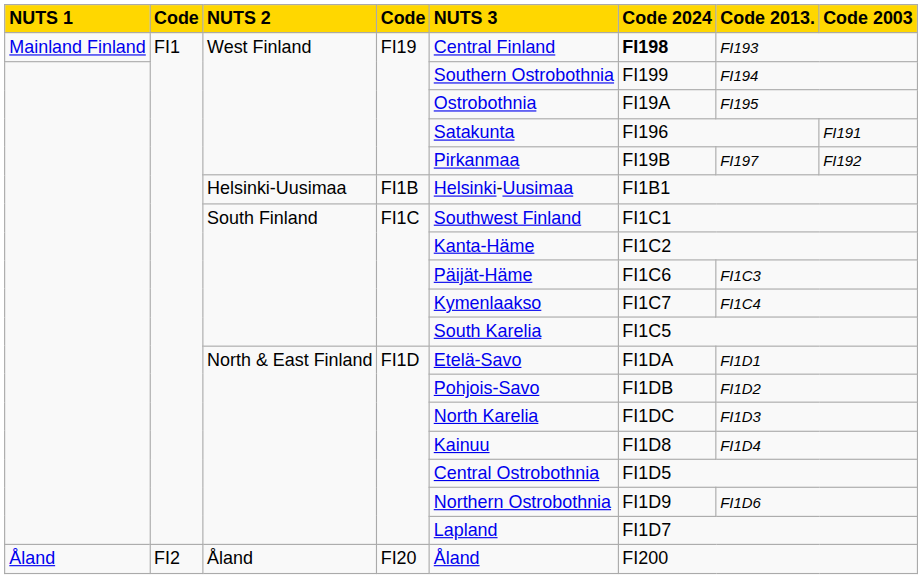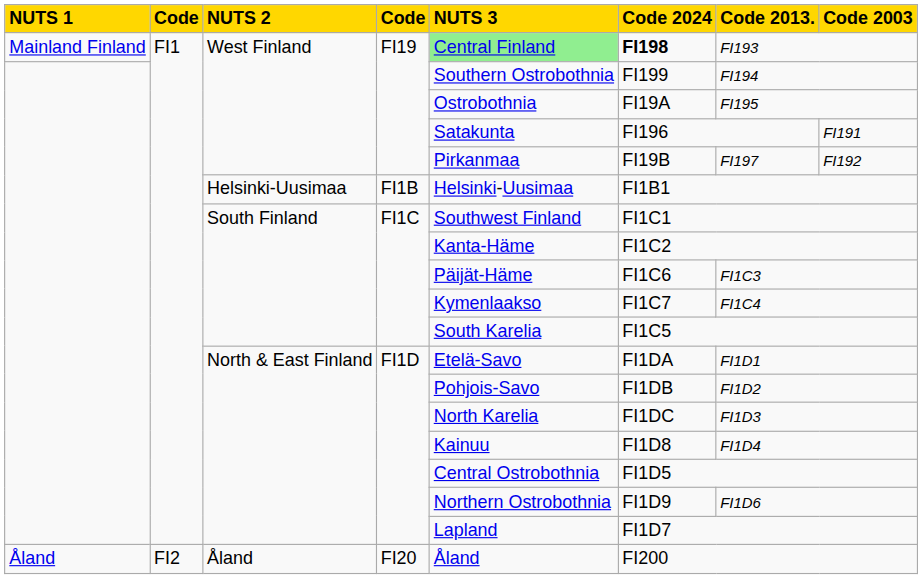 <table class="wikitable" style="margin:1em auto;">
 <tr>
 <th style="background-color:#ffd700;text-align:left;">NUTS 1</th>
 <th style="background-color:#ffd700;text-align:left;">Code</th>
 <th style="background-color:#ffd700;text-align:left;">NUTS 2</th>
 <th style="background-color:#ffd700;text-align:left;">Code</th>
 <th style="background-color:#ffd700;text-align:left;">NUTS 3</th>
 <th style="background-color:#ffd700;text-align:left;">Code 2024</th>
 <th style="background-color:#ffd700;text-align:left;">Code 2013.</th>
 <th style="background-color:#ffd700;text-align:left;">Code 2003</th>
 </tr>
 <tr valign=top>
 <td><a href='#'>Mainland Finland</a></td>
 <td rowspan=18>FI1</td>
 <td rowspan=5>West Finland</td>
 <td rowspan=5>FI19</td>
-<td><a href='#'>Central Finland</a></td>
+<td style="background: lightgreen;"><a href='#'>Central Finland</a></td>
 <td><strong>FI198</strong></td>
 <td colspan=2><em><small>FI193</small></em></td>
 </tr>
 <tr>
 <td rowspan=17></td>
 <td><a href='#'>Southern Ostrobothnia</a></td>
 <td>FI199</td>
 <td colspan=2><em><small>FI194</small></em></td>
 </tr>
 <tr>
 <td><a href='#'>Ostrobothnia</a></td>
 <td>FI19A</td>
 <td colspan=2><em><small>FI195</small></em></td>
 </tr>
 <tr>
 <td><a href='#'>Satakunta</a></td>
 <td colspan=2>FI196</td>
 <td><em><small>FI191</small></em></td>
 </tr>
 <tr>
 <td><a href='#'>Pirkanmaa</a></td>
 <td>FI19B</td>
 <td><em><small>FI197</small></em></td>
 <td><em><small>FI192</small></em></td>
 </tr>
 <tr valign=top>
 <td rowspan=1>Helsinki-Uusimaa</td>
 <td rowspan=1>FI1B</td>
 <td><a href='#'>Helsinki</a>-<a href='#'>Uusimaa</a></td>
 <td colspan=3>FI1B1</td>
 </tr>
 <tr valign=top>
 <td rowspan=5>South Finland</td>
 <td rowspan=5>FI1C</td>
 <td><a href='#'>Southwest Finland</a></td>
 <td colspan=3>FI1C1</td>
 </tr>
 <tr>
 <td><a href='#'>Kanta-Häme</a></td>
 <td colspan=3>FI1C2</td>
 </tr>
 <tr>
 <td><a href='#'>Päijät-Häme</a></td>
 <td>FI1C6</td>
 <td colspan=2><em><small>FI1C3</small></em></td>
 </tr>
 <tr>
 <td><a href='#'>Kymenlaakso</a></td>
 <td>FI1C7</td>
 <td colspan=2><em><small>FI1C4</small></em></td>
 </tr>
 <tr>
 <td><a href='#'>South Karelia</a></td>
 <td colspan=3>FI1C5</td>
 </tr>
 <tr valign=top>
 <td rowspan=7>North & East Finland</td>
 <td rowspan=7>FI1D</td>
 <td><a href='#'>Etelä-Savo</a></td>
 <td>FI1DA</td>
 <td colspan=2><em><small>FI1D1</small></em></td>
 </tr>
 <tr>
 <td><a href='#'>Pohjois-Savo</a></td>
 <td>FI1DB</td>
 <td colspan=2><em><small>FI1D2</small></em></td>
 </tr>
 <tr>
 <td><a href='#'>North Karelia</a></td>
 <td>FI1DC</td>
 <td colspan=2><em><small>FI1D3</small></em></td>
 </tr>
 <tr>
 <td><a href='#'>Kainuu</a></td>
 <td>FI1D8</td>
 <td colspan=2><em><small>FI1D4</small></em></td>
 </tr>
 <tr>
 <td><a href='#'>Central Ostrobothnia</a></td>
 <td colspan=3>FI1D5</td>
 </tr>
 <tr>
 <td><a href='#'>Northern Ostrobothnia</a></td>
 <td>FI1D9</td>
 <td colspan=2><em><small>FI1D6</small></em></td>
 </tr>
 <tr>
 <td><a href='#'>Lapland</a></td>
 <td colspan=3>FI1D7</td>
 </tr>
 <tr>
 <td><a href='#'>Åland</a></td>
 <td>FI2</td>
 <td>Åland</td>
 <td>FI20</td>
 <td><a href='#'>Åland</a></td>
 <td colspan=3>FI200</td>
 </tr>
 </table>
